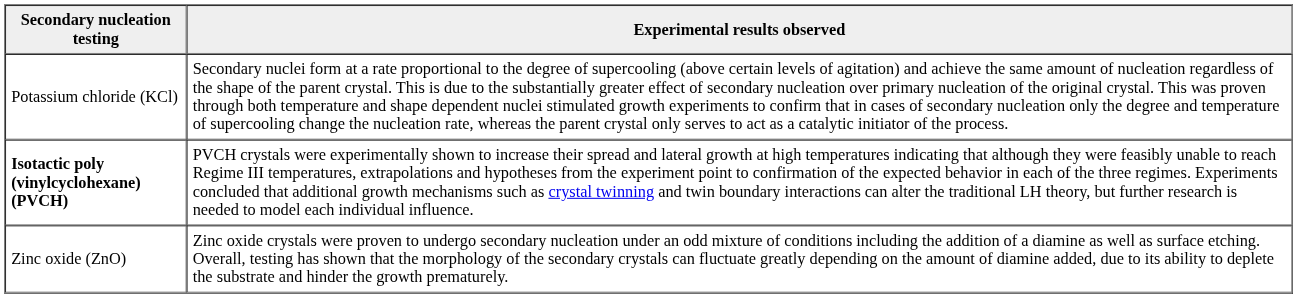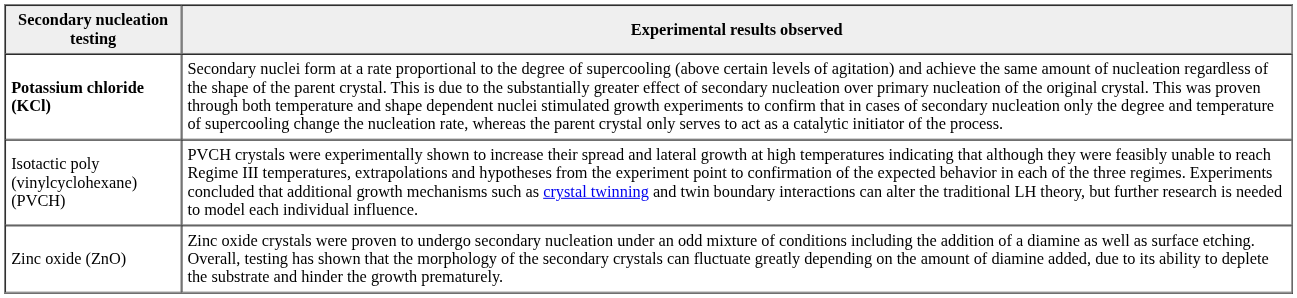 <table border="1" cellpadding="5" cellspacing="0" align="center">
 <tr>
 <th scope="col" style="background:#efefef;">Secondary nucleation testing</th>
 <th scope="col" style="background:#efefef;">Experimental results observed</th>
 </tr>
 <tr>
-<td>Potassium chloride (KCl)</td>
+<td><strong>Potassium chloride (KCl)</strong></td>
 <td>Secondary nuclei form at a rate proportional to the degree of supercooling (above certain levels of agitation) and achieve the same amount of nucleation regardless of the shape of the parent crystal. This is due to the substantially greater effect of secondary nucleation over primary nucleation of the original crystal. This was proven through both temperature and shape dependent nuclei stimulated growth experiments to confirm that in cases of secondary nucleation only the degree and temperature of supercooling change the nucleation rate, whereas the parent crystal only serves to act as a catalytic initiator of the process.</td>
 </tr>
 <tr>
-<td><strong>Isotactic poly (vinylcyclohexane) (PVCH)</strong></td>
+<td>Isotactic poly (vinylcyclohexane) (PVCH)</td>
 <td>PVCH crystals were experimentally shown to increase their spread and lateral growth at high temperatures indicating that although they were feasibly unable to reach Regime III temperatures, extrapolations and hypotheses from the experiment point to confirmation of the expected behavior in each of the three regimes. Experiments concluded that additional growth mechanisms such as <a href='#'>crystal twinning</a> and twin boundary interactions can alter the traditional LH theory, but further research is needed to model each individual influence.</td>
 </tr>
 <tr>
 <td>Zinc oxide (ZnO)</td>
 <td>Zinc oxide crystals were proven to undergo secondary nucleation under an odd mixture of conditions including the addition of a diamine as well as surface etching. Overall, testing has shown that the morphology of the secondary crystals can fluctuate greatly depending on the amount of diamine added, due to its ability to deplete the substrate and hinder the growth prematurely.</td>
 </tr>
 <tr>
 </tr>
 </table>
